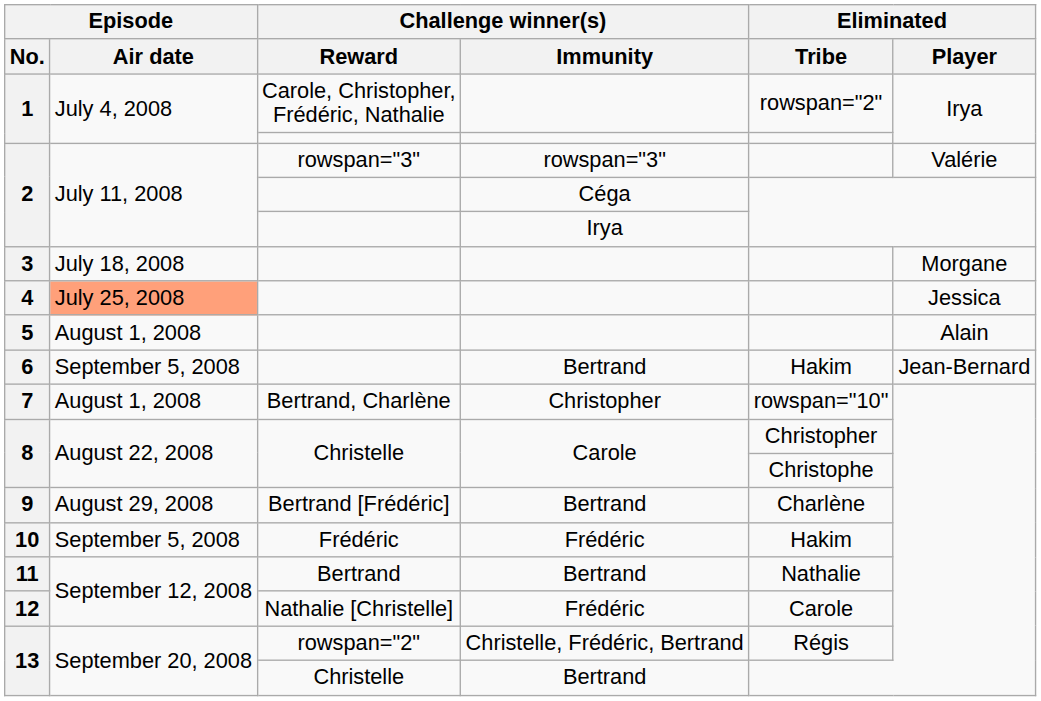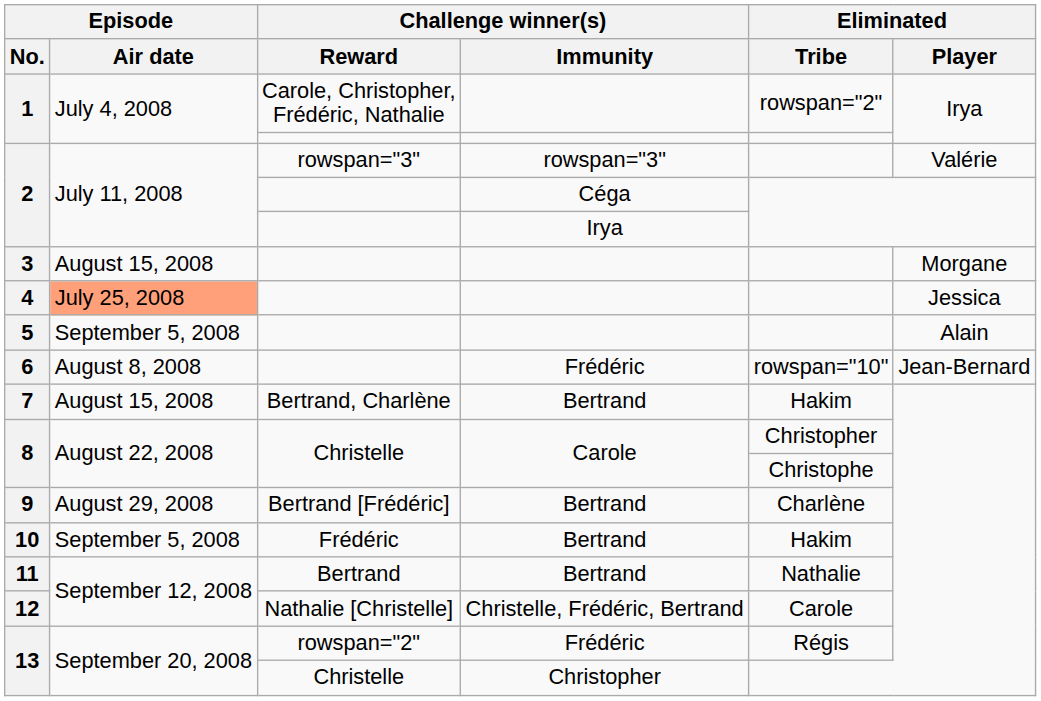 <table class="wikitable unsortable" style="text-align:center;">
 <tr>
 <th colspan="2" scope="col">Episode</th>
 <th colspan="2" scope="col">Challenge winner(s)</th>
 <th colspan="2" scope="col">Eliminated</th>
 </tr>
 <tr>
 <th scope="col">No.</th>
 <th scope="col">Air date</th>
 <th scope="col">Reward</th>
 <th scope="col">Immunity</th>
 <th scope="col">Tribe</th>
 <th scope="col">Player</th>
 </tr>
 <tr>
 <th rowspan="2" scope="row">1</th>
 <td rowspan="2" style="text-align:left;">July 4, 2008</td>
 <td>Carole, Christopher,<br>Frédéric, Nathalie</td>
 <td></td>
 <td>rowspan="2" </td>
 <td rowspan="2">Irya</td>
 </tr>
 <tr>
 <td></td>
 <td></td>
 </tr>
 <tr>
 <th rowspan="3" scope="row">2</th>
 <td rowspan="3" style="text-align:left;">July 11, 2008</td>
 <td>rowspan="3" </td>
 <td>rowspan="3" </td>
 <td></td>
 <td>Valérie</td>
 </tr>
 <tr>
 <td></td>
 <td>Céga</td>
 </tr>
 <tr>
 <td></td>
 <td>Irya</td>
 </tr>
 <tr>
 <th scope="row">3</th>
-<td style="text-align:left;">July 18, 2008</td>
+<td style="text-align:left;">August 15, 2008</td>
 <td></td>
 <td></td>
 <td></td>
 <td>Morgane</td>
 </tr>
 <tr>
 <th scope="row">4</th>
 <td style="background: lightsalmon; text-align:left;">July 25, 2008</td>
 <td></td>
 <td></td>
 <td></td>
 <td>Jessica</td>
 </tr>
 <tr>
 <th scope="row">5</th>
-<td style="text-align:left;">August 1, 2008</td>
+<td style="text-align:left;">September 5, 2008</td>
 <td></td>
 <td></td>
 <td></td>
 <td>Alain</td>
 </tr>
 <tr>
 <th scope="row">6</th>
-<td style="text-align:left;">September 5, 2008</td>
+<td style="text-align:left;">August 8, 2008</td>
 <td></td>
-<td>Bertrand</td>
-<td>Hakim</td>
+<td>Frédéric</td>
+<td>rowspan="10" </td>
 <td>Jean-Bernard</td>
 </tr>
 <tr>
 <th scope="row">7</th>
-<td style="text-align:left;">August 1, 2008</td>
+<td style="text-align:left;">August 15, 2008</td>
 <td>Bertrand, Charlène</td>
-<td>Christopher</td>
-<td>rowspan="10" </td>
+<td>Bertrand</td>
+<td>Hakim</td>
 </tr>
 <tr>
 <th rowspan="2" scope="row">8</th>
 <td rowspan="2" style="text-align:left;">August 22, 2008</td>
 <td rowspan="2">Christelle</td>
 <td rowspan="2">Carole</td>
 <td>Christopher</td>
 </tr>
 <tr>
 <td>Christophe</td>
 </tr>
 <tr>
 <th scope="row">9</th>
 <td style="text-align:left;">August 29, 2008</td>
 <td>Bertrand [Frédéric]</td>
 <td>Bertrand</td>
 <td>Charlène</td>
 </tr>
 <tr>
 <th scope="row">10</th>
 <td style="text-align:left;">September 5, 2008</td>
 <td>Frédéric</td>
-<td>Frédéric</td>
+<td>Bertrand</td>
 <td>Hakim</td>
 </tr>
 <tr>
 <th scope="row">11</th>
 <td rowspan="2" style="text-align:left;">September 12, 2008</td>
 <td>Bertrand</td>
 <td>Bertrand</td>
 <td>Nathalie</td>
 </tr>
 <tr>
 <th scope="row">12</th>
 <td>Nathalie [Christelle]</td>
-<td>Frédéric</td>
+<td>Christelle, Frédéric, Bertrand</td>
 <td>Carole</td>
 </tr>
 <tr>
 <th rowspan="2" scope="row">13</th>
 <td rowspan="2" style="text-align:left;">September 20, 2008</td>
 <td>rowspan="2" </td>
-<td>Christelle, Frédéric, Bertrand</td>
+<td>Frédéric</td>
 <td>Régis</td>
 </tr>
 <tr>
 <td>Christelle</td>
-<td>Bertrand</td>
+<td>Christopher</td>
 </tr>
 </table>
